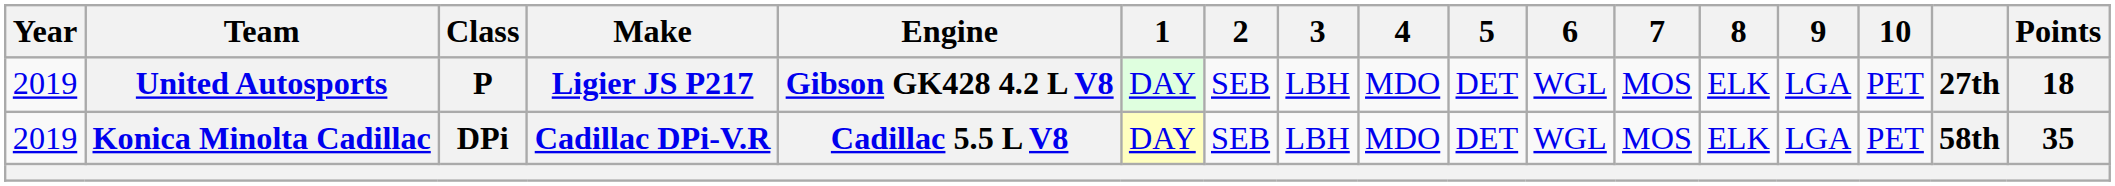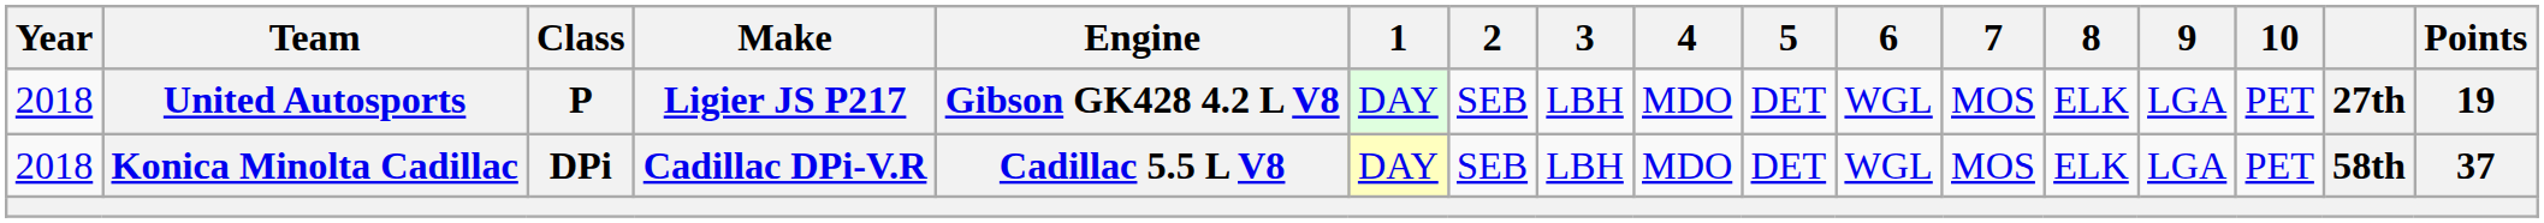 <table class="wikitable" style="text-align:center; font-size:85%">
 <tr>
 <th scope="col">Year</th>
 <th scope="col">Team</th>
 <th scope="col">Class</th>
 <th scope="col">Make</th>
 <th scope="col">Engine</th>
 <th scope="col">1</th>
 <th scope="col">2</th>
 <th scope="col">3</th>
 <th scope="col">4</th>
 <th scope="col">5</th>
 <th scope="col">6</th>
 <th scope="col">7</th>
 <th scope="col">8</th>
 <th scope="col">9</th>
 <th scope="col">10</th>
 <th scope="col"></th>
 <th scope="col">Points</th>
 </tr>
 <tr>
-<td><a href='#'>2019</a></td>
+<td><a href='#'>2018</a></td>
 <th nowrap><a href='#'>United Autosports</a></th>
 <th>P</th>
 <th nowrap><a href='#'>Ligier JS P217</a></th>
 <th nowrap><a href='#'>Gibson</a> GK428 4.2 L <a href='#'>V8</a></th>
 <td style="background:#DFFFDF;"><a href='#'>DAY</a><br></td>
 <td><a href='#'>SEB</a></td>
 <td><a href='#'>LBH</a></td>
 <td><a href='#'>MDO</a></td>
 <td><a href='#'>DET</a></td>
 <td><a href='#'>WGL</a></td>
 <td><a href='#'>MOS</a></td>
 <td><a href='#'>ELK</a></td>
 <td><a href='#'>LGA</a></td>
 <td><a href='#'>PET</a></td>
 <th>27th</th>
-<th>18</th>
+<th>19</th>
 </tr>
 <tr>
-<td><a href='#'>2019</a></td>
+<td><a href='#'>2018</a></td>
 <th nowrap><a href='#'>Konica Minolta Cadillac</a></th>
 <th>DPi</th>
 <th nowrap><a href='#'>Cadillac DPi-V.R</a></th>
 <th nowrap><a href='#'>Cadillac</a> 5.5 L <a href='#'>V8</a></th>
 <td style="background:#FFFFBF"><a href='#'>DAY</a><br></td>
 <td><a href='#'>SEB</a></td>
 <td><a href='#'>LBH</a></td>
 <td><a href='#'>MDO</a></td>
 <td><a href='#'>DET</a></td>
 <td><a href='#'>WGL</a></td>
 <td><a href='#'>MOS</a></td>
 <td><a href='#'>ELK</a></td>
 <td><a href='#'>LGA</a></td>
 <td><a href='#'>PET</a></td>
 <th>58th</th>
-<th>35</th>
+<th>37</th>
 </tr>
 <tr>
 <th colspan="17"></th>
 </tr>
 </table>
